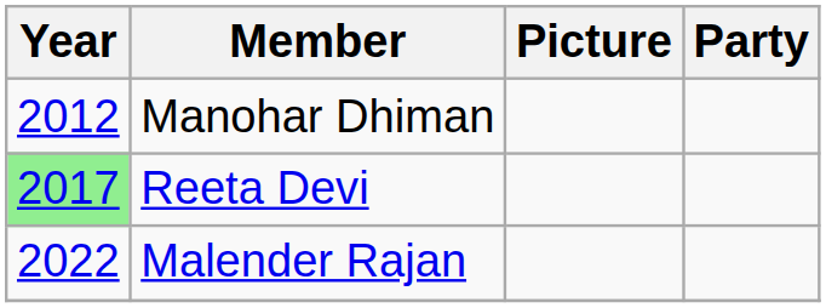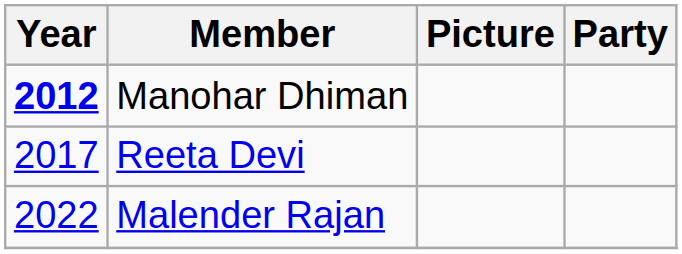 <table class="wikitable sortable">
 <tr>
 <th>Year</th>
 <th>Member</th>
 <th>Picture</th>
 <th colspan="2">Party</th>
 </tr>
 <tr>
-<td><a href='#'>2012</a></td>
+<td><strong><a href='#'>2012</a></strong></td>
 <td>Manohar Dhiman</td>
 <td></td>
 <td></td>
 </tr>
 <tr>
-<td style="background: lightgreen;"><a href='#'>2017</a></td>
+<td><a href='#'>2017</a></td>
 <td><a href='#'>Reeta Devi</a></td>
 <td></td>
 <td></td>
 </tr>
 <tr>
 <td><a href='#'>2022</a></td>
 <td><a href='#'>Malender Rajan</a></td>
 <td></td>
 <td></td>
 </tr>
 <tr>
 </tr>
 </table>
